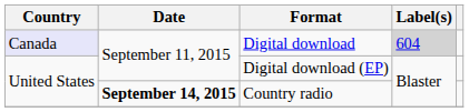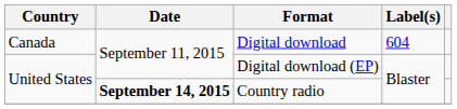 <table class="wikitable">
 <tr>
 <th>Country</th>
 <th>Date</th>
 <th>Format</th>
 <th>Label(s)</th>
 <th></th>
 </tr>
 <tr>
-<td style="background: lavender;">Canada</td>
+<td>Canada</td>
 <td rowspan="2">September 11, 2015</td>
 <td><a href='#'>Digital download</a></td>
-<td style="background: lightgrey;"><a href='#'>604</a></td>
+<td><a href='#'>604</a></td>
 <td></td>
 </tr>
 <tr>
 <td rowspan="2">United States</td>
 <td>Digital download (<a href='#'>EP</a>)</td>
 <td rowspan="2">Blaster</td>
 <td></td>
 </tr>
 <tr>
 <td><strong>September 14, 2015</strong></td>
 <td>Country radio</td>
 <td></td>
 </tr>
 <tr>
 </tr>
 </table>
